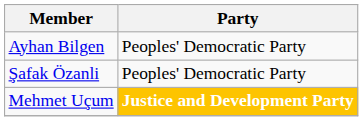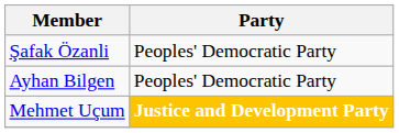 <table class="wikitable">
 <tr>
 <th>Member</th>
 <th>Party</th>
 </tr>
 <tr>
-<td><a href='#'>Ayhan Bilgen</a></td>
+<td><a href='#'>Şafak Özanli</a></td>
 <td style="background:">Peoples' Democratic Party</td>
 </tr>
 <tr>
-<td><a href='#'>Şafak Özanli</a></td>
+<td><a href='#'>Ayhan Bilgen</a></td>
 <td style="background:">Peoples' Democratic Party</td>
 </tr>
 <tr>
 <td><a href='#'>Mehmet Uçum</a></td>
 <td style="background:#FDC400; color:white"><strong>Justice and Development Party</strong></td>
 </tr>
 <tr>
 </tr>
 </table>
